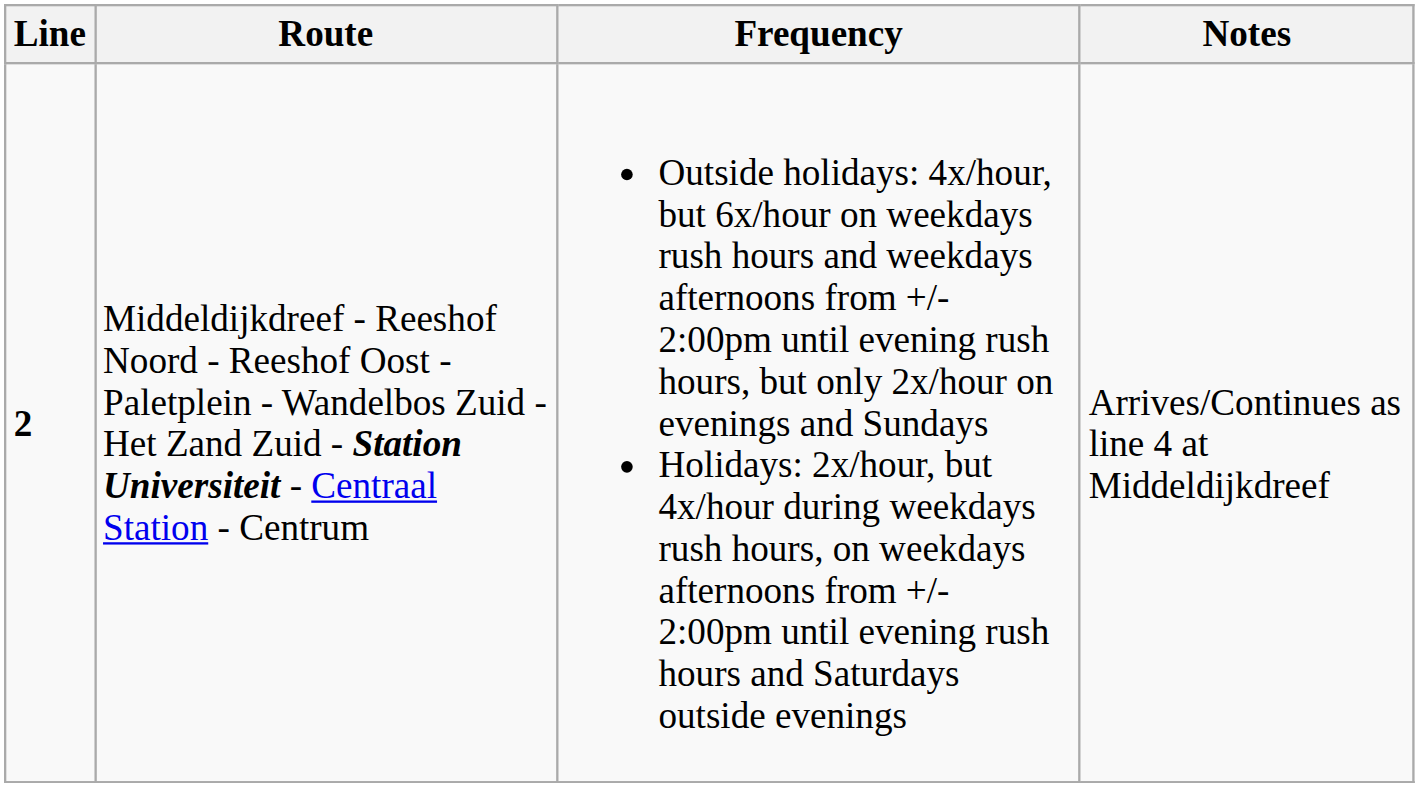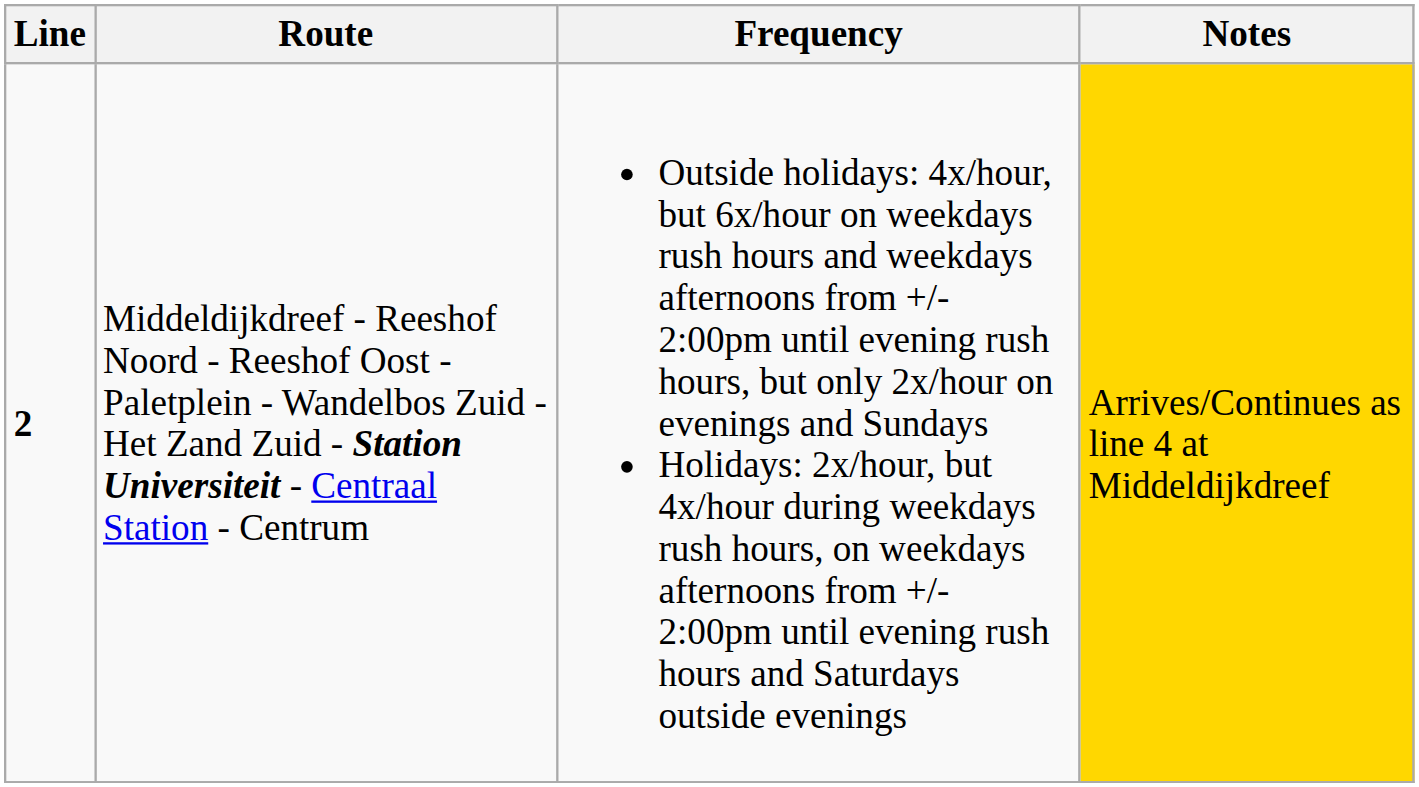 <table class="wikitable vatop">
 <tr>
 <th>Line</th>
 <th>Route</th>
 <th>Frequency</th>
 <th>Notes</th>
 </tr>
 <tr>
 <td><strong>2</strong></td>
 <td>Middeldijkdreef - Reeshof Noord - Reeshof Oost - Paletplein - Wandelbos Zuid - Het Zand Zuid - <strong><em>Station Universiteit</em></strong> - <a href='#'>Centraal Station</a> - Centrum</td>
 <td><br><ul><li>Outside holidays: 4x/hour, but 6x/hour on weekdays rush hours and weekdays afternoons from +/- 2:00pm until evening rush hours, but only 2x/hour on evenings and Sundays</li><li>Holidays: 2x/hour, but 4x/hour during weekdays rush hours, on weekdays afternoons from +/- 2:00pm until evening rush hours and Saturdays outside evenings</li></ul></td>
-<td><br>Arrives/Continues as line 4 at Middeldijkdreef</td>
+<td style="background: gold;"><br>Arrives/Continues as line 4 at Middeldijkdreef</td>
 </tr>
 <tr>
 </tr>
 </table>
